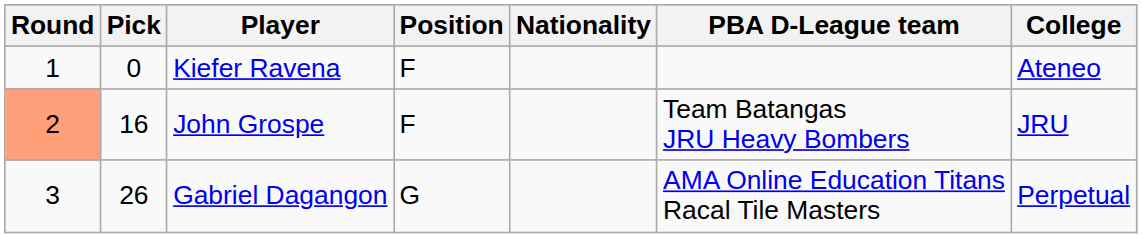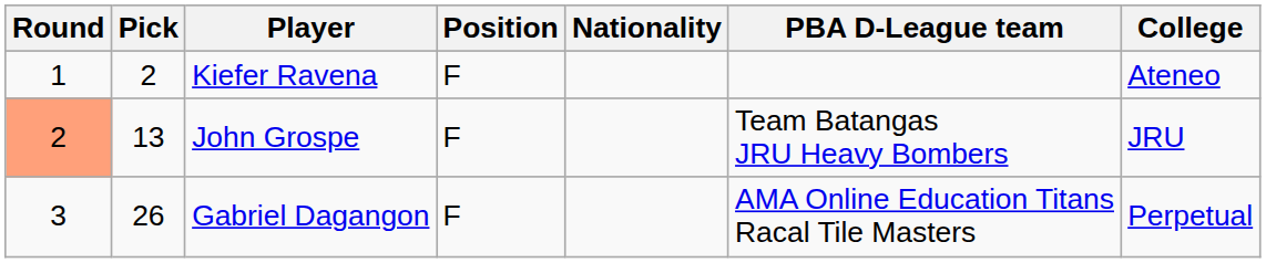 <table class="wikitable sortable sortable">
 <tr>
 <th>Round</th>
 <th>Pick</th>
 <th>Player</th>
 <th>Position</th>
 <th>Nationality</th>
 <th>PBA D-League team</th>
 <th>College</th>
 </tr>
 <tr>
 <td align=center>1</td>
-<td align=center>0</td>
+<td align=center>2</td>
 <td><a href='#'>Kiefer Ravena</a></td>
 <td>F</td>
 <td></td>
 <td></td>
 <td><a href='#'>Ateneo</a></td>
 </tr>
 <tr>
 <td align=center style="background: lightsalmon;">2</td>
-<td align=center>16</td>
+<td align=center>13</td>
 <td><a href='#'>John Grospe</a></td>
 <td>F</td>
 <td></td>
 <td>Team Batangas <br> <a href='#'>JRU Heavy Bombers</a></td>
 <td><a href='#'>JRU</a></td>
 </tr>
 <tr>
 <td align=center>3</td>
 <td align=center>26</td>
 <td><a href='#'>Gabriel Dagangon</a></td>
-<td>G</td>
+<td>F</td>
 <td></td>
 <td><a href='#'>AMA Online Education Titans</a> <br> Racal Tile Masters</td>
 <td><a href='#'>Perpetual</a></td>
 </tr>
 </table>
